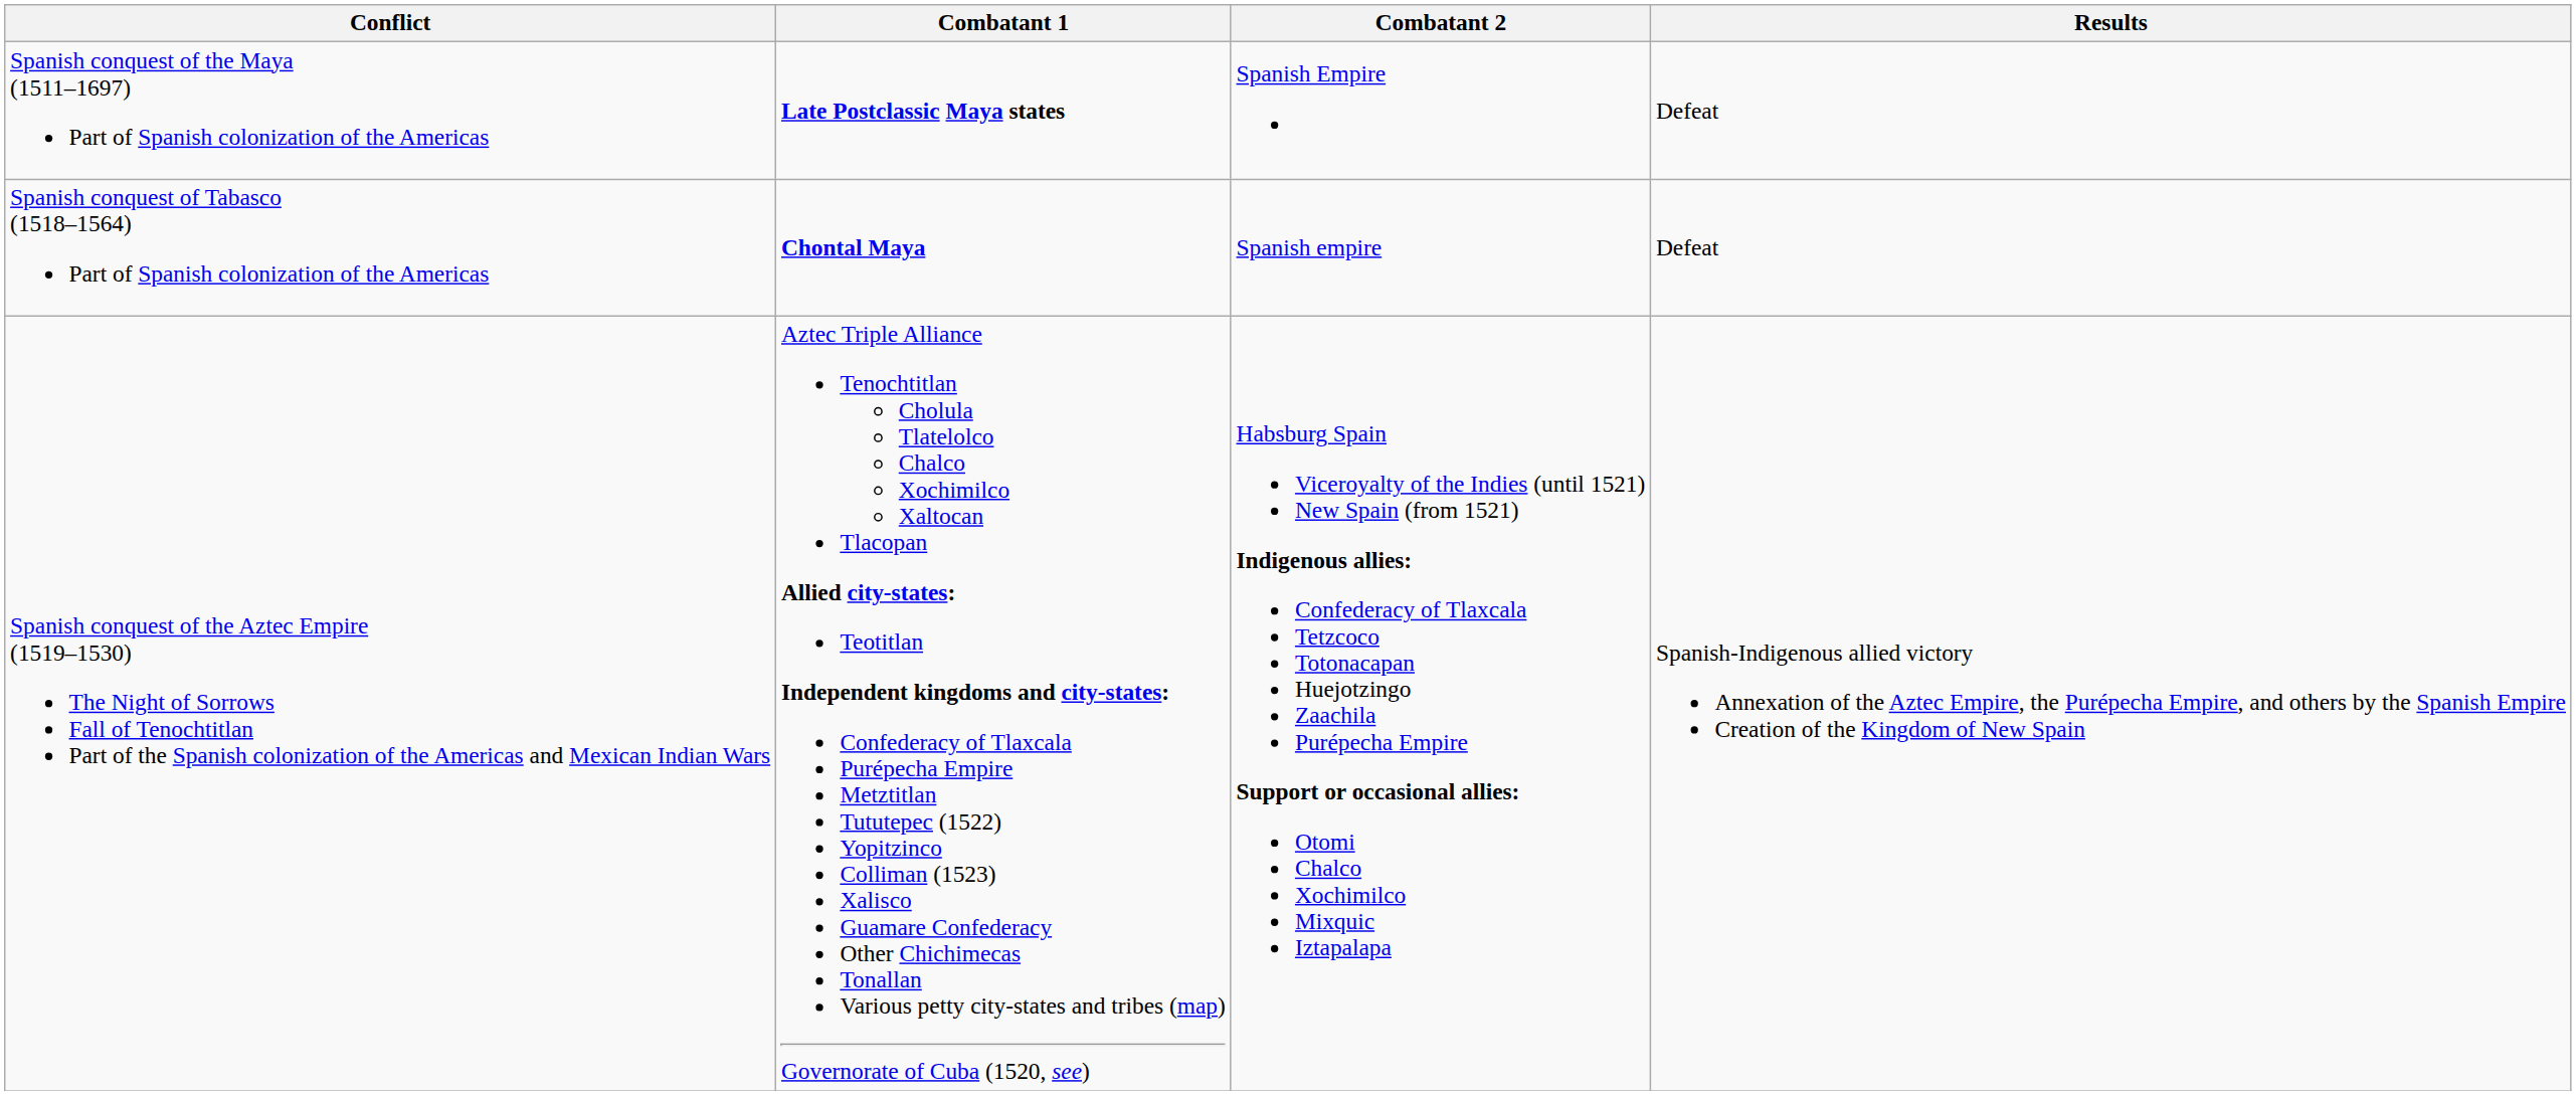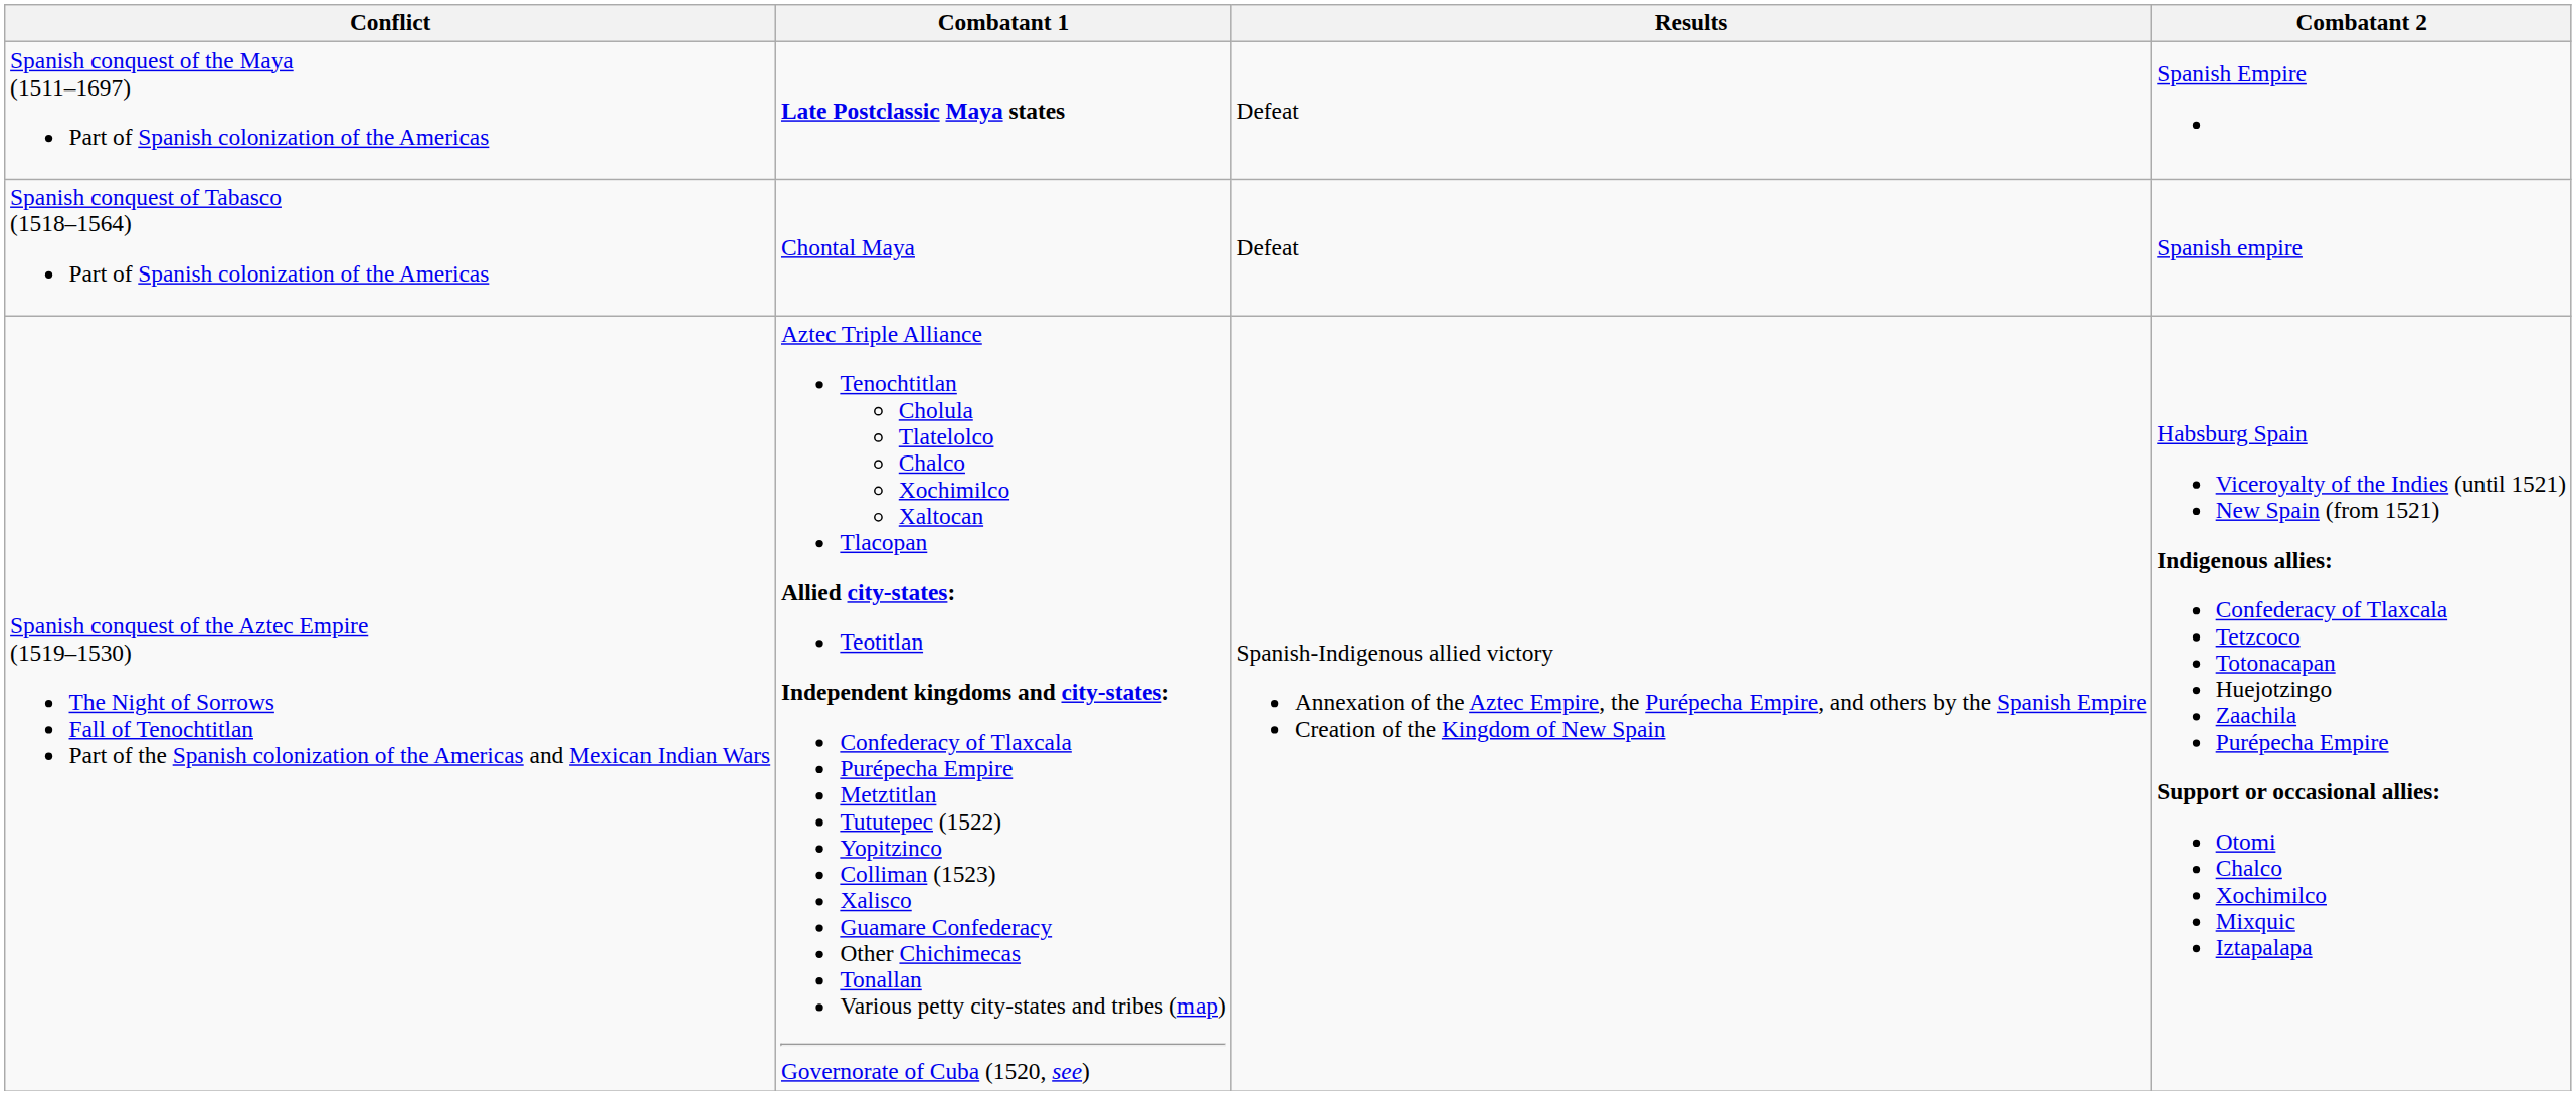 <table class="wikitable">
 <tr>
 <th>Conflict</th>
 <th>Combatant 1</th>
+<th>Results</th>
 <th>Combatant 2</th>
-<th>Results</th>
 </tr>
 <tr>
 <td><a href='#'>Spanish conquest of the Maya</a><br>(1511–1697)<ul><li>Part of <a href='#'>Spanish colonization of the Americas</a></li></ul></td>
 <td><strong><a href='#'>Late Postclassic</a> <a href='#'>Maya</a> states</strong></td>
+<td>Defeat</td>
 <td> <a href='#'>Spanish Empire</a><br><ul><li></li></ul></td>
-<td>Defeat</td>
 </tr>
 <tr>
 <td><a href='#'>Spanish conquest of Tabasco</a><br>(1518–1564)<ul><li>Part of <a href='#'>Spanish colonization of the Americas</a></li></ul></td>
-<td><strong><a href='#'>Chontal Maya</a></strong></td>
+<td><a href='#'>Chontal Maya</a></td>
+<td>Defeat</td>
 <td> <a href='#'>Spanish empire</a></td>
-<td>Defeat</td>
 </tr>
 <tr>
 <td><a href='#'>Spanish conquest of the Aztec Empire</a><br>(1519–1530)<ul><li><a href='#'>The Night of Sorrows</a></li><li><a href='#'>Fall of Tenochtitlan</a></li><li>Part of the <a href='#'>Spanish colonization of the Americas</a> and <a href='#'>Mexican Indian Wars</a></li></ul></td>
 <td> <a href='#'>Aztec Triple Alliance</a> <br><ul><li> <a href='#'>Tenochtitlan</a><ul><li><a href='#'>Cholula</a></li><li> <a href='#'>Tlatelolco</a></li><li> <a href='#'>Chalco</a></li><li> <a href='#'>Xochimilco</a></li><li><a href='#'>Xaltocan</a></li></ul></li><li> <a href='#'>Tlacopan</a></li></ul><strong>Allied <a href='#'>city-states</a>:</strong><ul><li><a href='#'>Teotitlan</a></li></ul><strong>Independent kingdoms and <a href='#'>city-states</a>:</strong><ul><li> <a href='#'>Confederacy of Tlaxcala</a> </li><li> <a href='#'>Purépecha Empire</a> </li><li> <a href='#'>Metztitlan</a></li><li><a href='#'>Tututepec</a> (1522)</li><li><a href='#'>Yopitzinco</a></li><li><a href='#'>Colliman</a> (1523)</li><li><a href='#'>Xalisco</a></li><li><a href='#'>Guamare Confederacy</a></li><li>Other <a href='#'>Chichimecas</a></li><li><a href='#'>Tonallan</a></li><li>Various petty city-states and tribes (<a href='#'>map</a>)</li></ul><hr> <a href='#'>Governorate of Cuba</a> (1520, <em><a href='#'>see</a></em>)</td>
+<td>Spanish-Indigenous allied victory<br><ul><li>Annexation of the <a href='#'>Aztec Empire</a>, the <a href='#'>Purépecha Empire</a>, and others by the <a href='#'>Spanish Empire</a></li><li>Creation of the <a href='#'>Kingdom of New Spain</a></li></ul></td>
 <td> <a href='#'>Habsburg Spain</a><br><ul><li> <a href='#'>Viceroyalty of the Indies</a> (until 1521)</li><li> <a href='#'>New Spain</a> (from 1521)</li></ul><strong>Indigenous allies:</strong><ul><li> <a href='#'>Confederacy of Tlaxcala</a></li><li> <a href='#'>Tetzcoco</a></li><li> <a href='#'>Totonacapan</a></li><li>Huejotzingo</li><li><a href='#'>Zaachila</a></li><li> <a href='#'>Purépecha Empire</a> </li></ul><strong>Support or occasional allies:</strong><ul><li> <a href='#'>Otomi</a></li><li> <a href='#'>Chalco</a></li><li> <a href='#'>Xochimilco</a></li><li><a href='#'>Mixquic</a></li><li> <a href='#'>Iztapalapa</a></li></ul></td>
-<td>Spanish-Indigenous allied victory<br><ul><li>Annexation of the <a href='#'>Aztec Empire</a>, the <a href='#'>Purépecha Empire</a>, and others by the <a href='#'>Spanish Empire</a></li><li>Creation of the <a href='#'>Kingdom of New Spain</a></li></ul></td>
 </tr>
 </table>
